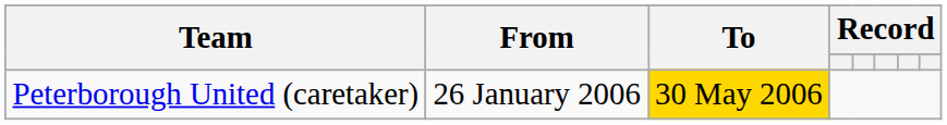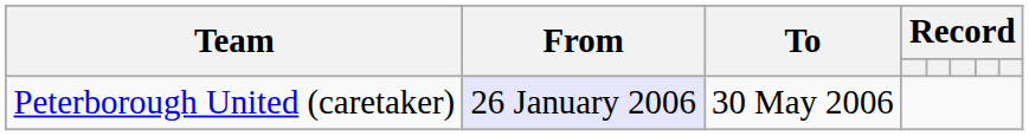 <table class=wikitable style="text-align: center">
 <tr>
 <th rowspan=2>Team</th>
 <th rowspan=2>From</th>
 <th rowspan=2>To</th>
 <th colspan=5>Record</th>
 </tr>
 <tr>
 <th></th>
 <th></th>
 <th></th>
 <th></th>
 <th></th>
 </tr>
 <tr>
 <td align=left><a href='#'>Peterborough United</a> (caretaker)</td>
-<td align=left>26 January 2006</td>
-<td align=left style="background: gold;">30 May 2006<br></td>
+<td align=left style="background: lavender;">26 January 2006</td>
+<td align=left>30 May 2006<br></td>
 </tr>
 </table>
